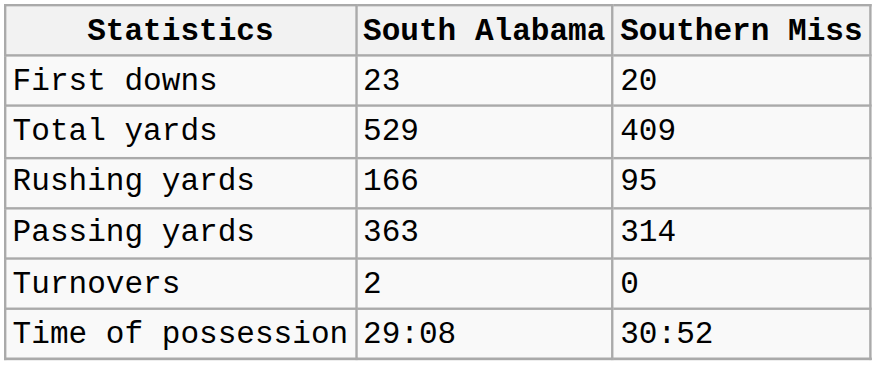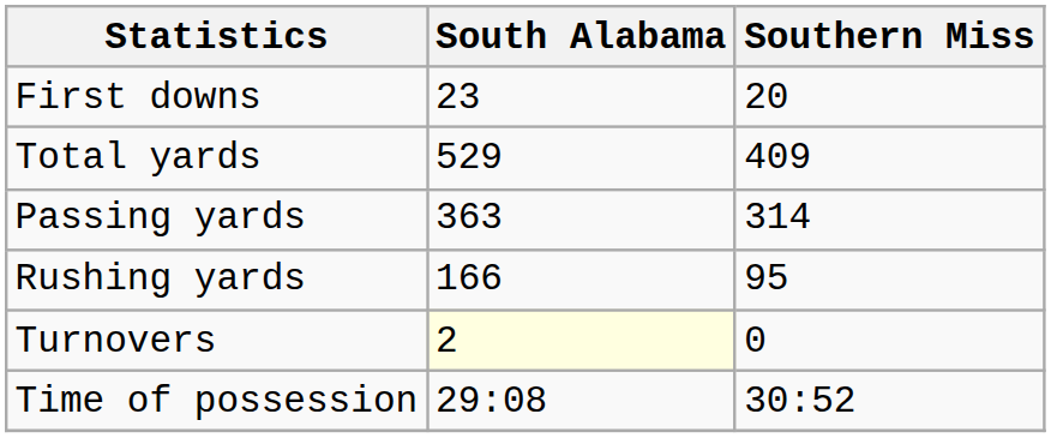 <table class="wikitable">
 <tr>
 <th>Statistics</th>
 <th>South Alabama</th>
 <th>Southern Miss</th>
 </tr>
 <tr>
 <td>First downs</td>
 <td>23</td>
 <td>20</td>
 </tr>
 <tr>
 <td>Total yards</td>
 <td>529</td>
 <td>409</td>
 </tr>
 <tr>
+<td>Passing yards</td>
+<td>363</td>
+<td>314</td>
+</tr>
+<tr>
 <td>Rushing yards</td>
 <td>166</td>
 <td>95</td>
 </tr>
 <tr>
-<td>Passing yards</td>
-<td>363</td>
-<td>314</td>
-</tr>
-<tr>
 <td>Turnovers</td>
-<td>2</td>
+<td style="background: lightyellow;">2</td>
 <td>0</td>
 </tr>
 <tr>
 <td>Time of possession</td>
 <td>29:08</td>
 <td>30:52</td>
 </tr>
 <tr>
 </tr>
 </table>
